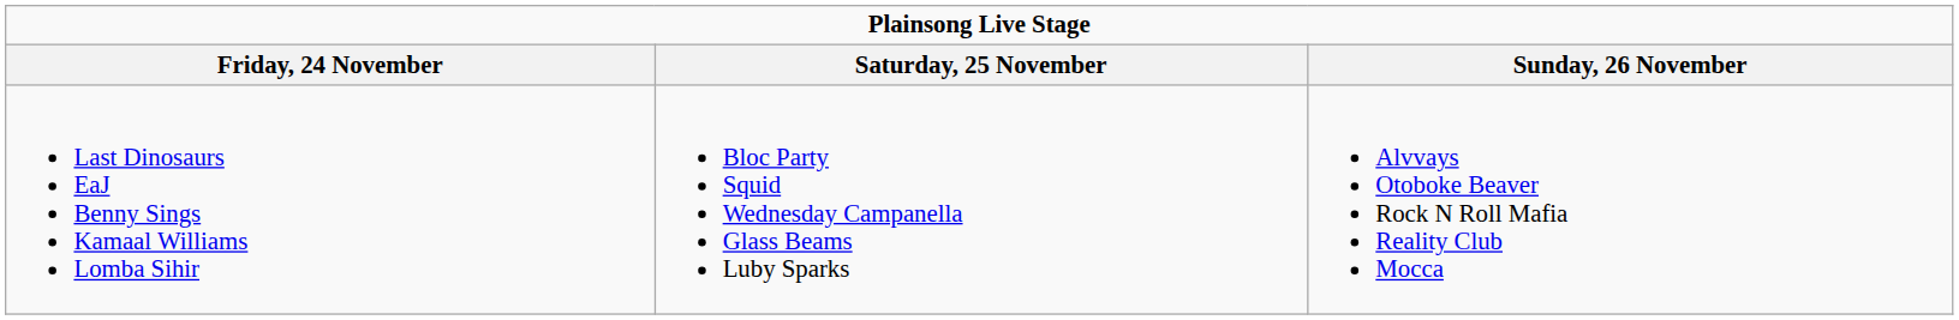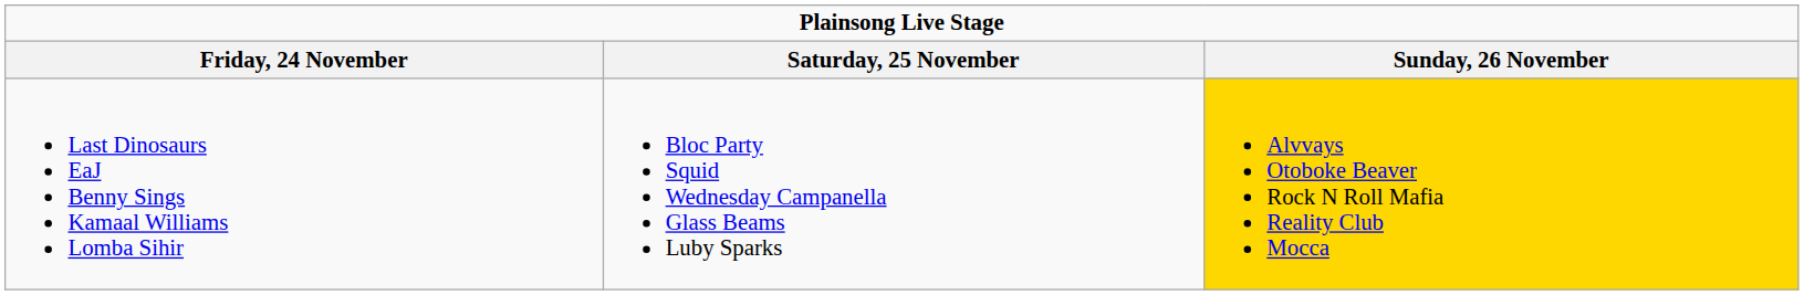 <table class="wikitable">
 <tr>
 <td colspan="4" align="center"><strong>Plainsong Live Stage</strong></td>
 </tr>
 <tr>
 <th width="500">Friday, 24 November</th>
 <th width="500">Saturday, 25 November</th>
 <th width="500">Sunday, 26 November</th>
 </tr>
 <tr valign="top">
 <td><br><ul><li><a href='#'>Last Dinosaurs</a></li><li><a href='#'>EaJ</a></li><li><a href='#'>Benny Sings</a></li><li><a href='#'>Kamaal Williams</a></li><li><a href='#'>Lomba Sihir</a></li></ul></td>
 <td><br><ul><li><a href='#'>Bloc Party</a></li><li><a href='#'>Squid</a></li><li><a href='#'>Wednesday Campanella</a></li><li><a href='#'>Glass Beams</a></li><li>Luby Sparks</li></ul></td>
-<td><br><ul><li><a href='#'>Alvvays</a></li><li><a href='#'>Otoboke Beaver</a></li><li>Rock N Roll Mafia</li><li><a href='#'>Reality Club</a></li><li><a href='#'>Mocca</a></li></ul></td>
+<td style="background: gold;"><br><ul><li><a href='#'>Alvvays</a></li><li><a href='#'>Otoboke Beaver</a></li><li>Rock N Roll Mafia</li><li><a href='#'>Reality Club</a></li><li><a href='#'>Mocca</a></li></ul></td>
 </tr>
 </table>
